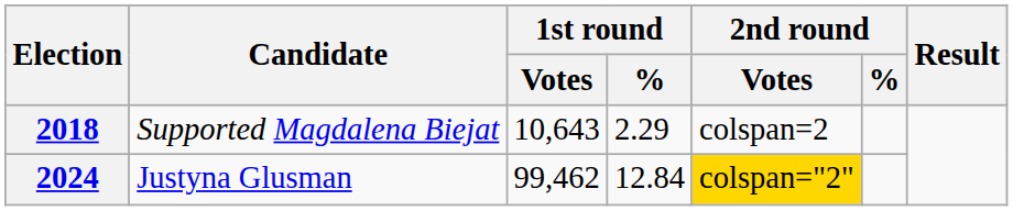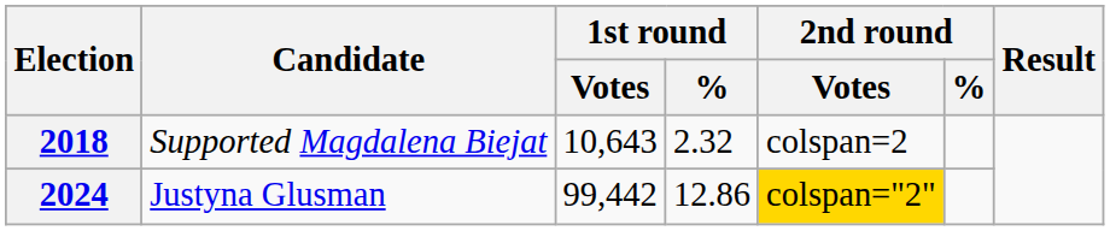 <table class=wikitable>
 <tr>
 <th rowspan=2>Election</th>
 <th rowspan=2>Candidate</th>
 <th colspan=2>1st round</th>
 <th colspan=2>2nd round</th>
 <th rowspan="2">Result</th>
 </tr>
 <tr>
 <th>Votes</th>
 <th>%</th>
 <th>Votes</th>
 <th>%</th>
 </tr>
 <tr>
 <th><a href='#'>2018</a></th>
 <td><em>Supported <a href='#'>Magdalena Biejat</a></em></td>
 <td>10,643</td>
-<td>2.29 </td>
+<td>2.32 </td>
 <td>colspan=2 </td>
 <td></td>
 </tr>
 <tr>
 <th><a href='#'>2024</a></th>
 <td><a href='#'>Justyna Glusman</a></td>
-<td>99,462</td>
-<td>12.84 </td>
+<td>99,442</td>
+<td>12.86 </td>
 <td style="background: gold;">colspan="2" </td>
 <td></td>
 </tr>
 </table>
